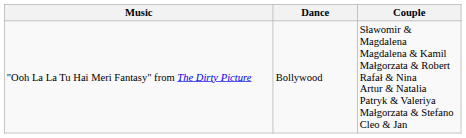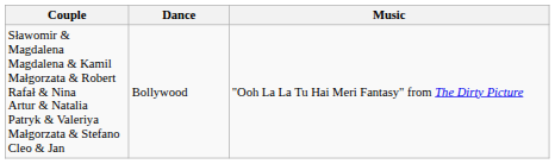 <table class="wikitable">
 <tr>
+<th style="width:150px;">Couple</th>
+<th style="width:120px;">Dance</th>
 <th style="width:400px;">Music</th>
-<th style="width:120px;">Dance</th>
-<th style="width:150px;">Couple</th>
 </tr>
 <tr>
+<td>Sławomir & Magdalena<br>Magdalena & Kamil<br>Małgorzata & Robert<br>Rafał & Nina<br>Artur & Natalia<br>Patryk & Valeriya<br>Małgorzata & Stefano<br>Cleo & Jan</td>
+<td>Bollywood</td>
 <td>"Ooh La La Tu Hai Meri Fantasy" from <em><a href='#'>The Dirty Picture</a></em></td>
-<td>Bollywood</td>
-<td>Sławomir & Magdalena<br>Magdalena & Kamil<br>Małgorzata & Robert<br>Rafał & Nina<br>Artur & Natalia<br>Patryk & Valeriya<br>Małgorzata & Stefano<br>Cleo & Jan</td>
 </tr>
 </table>
